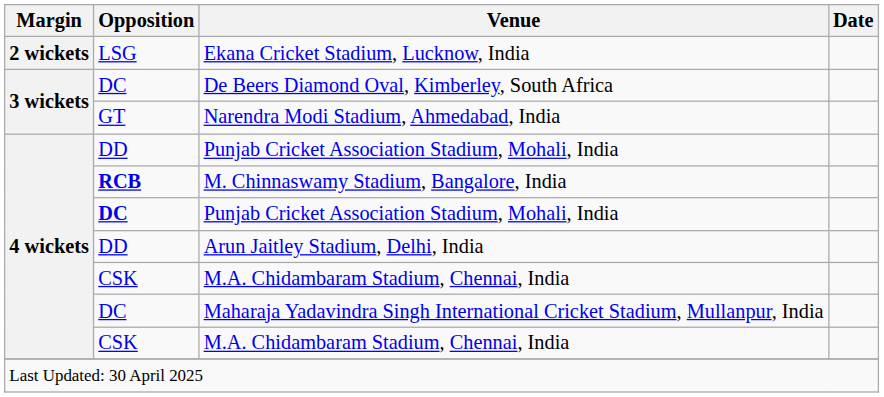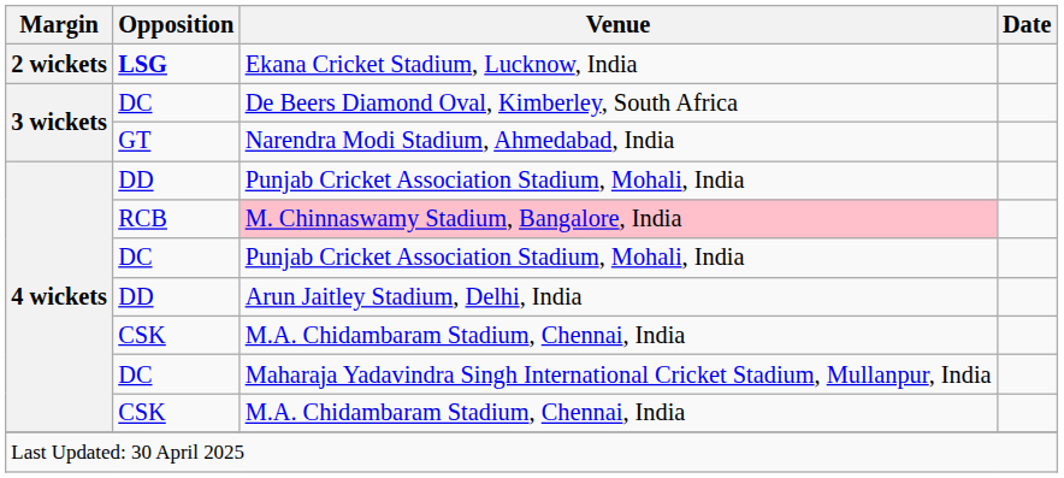 <table class="wikitable">
 <tr>
 <th>Margin</th>
 <th>Opposition</th>
 <th>Venue</th>
 <th>Date</th>
 </tr>
 <tr>
 <th>2 wickets</th>
-<td><a href='#'>LSG</a></td>
+<td><strong><a href='#'>LSG</a></strong></td>
 <td><a href='#'>Ekana Cricket Stadium</a>, <a href='#'>Lucknow</a>, India</td>
 <td></td>
 </tr>
 <tr>
 <th rowspan=2>3 wickets</th>
 <td><a href='#'>DC</a></td>
 <td><a href='#'>De Beers Diamond Oval</a>, <a href='#'>Kimberley</a>, South Africa</td>
 <td></td>
 </tr>
 <tr>
 <td><a href='#'>GT</a></td>
 <td><a href='#'>Narendra Modi Stadium</a>, <a href='#'>Ahmedabad</a>, India</td>
 <td></td>
 </tr>
 <tr>
 <th rowspan=7>4 wickets</th>
 <td><a href='#'>DD</a></td>
 <td><a href='#'>Punjab Cricket Association Stadium</a>, <a href='#'>Mohali</a>, India</td>
 <td></td>
 </tr>
 <tr>
-<td><strong><a href='#'>RCB</a></strong></td>
-<td><a href='#'>M. Chinnaswamy Stadium</a>, <a href='#'>Bangalore</a>, India</td>
+<td><a href='#'>RCB</a></td>
+<td style="background: pink;"><a href='#'>M. Chinnaswamy Stadium</a>, <a href='#'>Bangalore</a>, India</td>
 <td></td>
 </tr>
 <tr>
-<td><strong><a href='#'>DC</a></strong></td>
+<td><a href='#'>DC</a></td>
 <td><a href='#'>Punjab Cricket Association Stadium</a>, <a href='#'>Mohali</a>, India</td>
 <td></td>
 </tr>
 <tr>
 <td><a href='#'>DD</a></td>
 <td><a href='#'>Arun Jaitley Stadium</a>, <a href='#'>Delhi</a>, India</td>
 <td></td>
 </tr>
 <tr>
 <td><a href='#'>CSK</a></td>
 <td><a href='#'>M.A. Chidambaram Stadium</a>, <a href='#'>Chennai</a>, India</td>
 <td></td>
 </tr>
 <tr>
 <td><a href='#'>DC</a></td>
 <td><a href='#'>Maharaja Yadavindra Singh International Cricket Stadium</a>, <a href='#'>Mullanpur</a>, India</td>
 <td></td>
 </tr>
 <tr>
 <td><a href='#'>CSK</a></td>
 <td><a href='#'>M.A. Chidambaram Stadium</a>, <a href='#'>Chennai</a>, India</td>
 <td></td>
 </tr>
 <tr>
 </tr>
 <tr class=sortbottom>
 <td colspan=5><small>Last Updated: 30 April 2025</small></td>
 </tr>
 </table>
